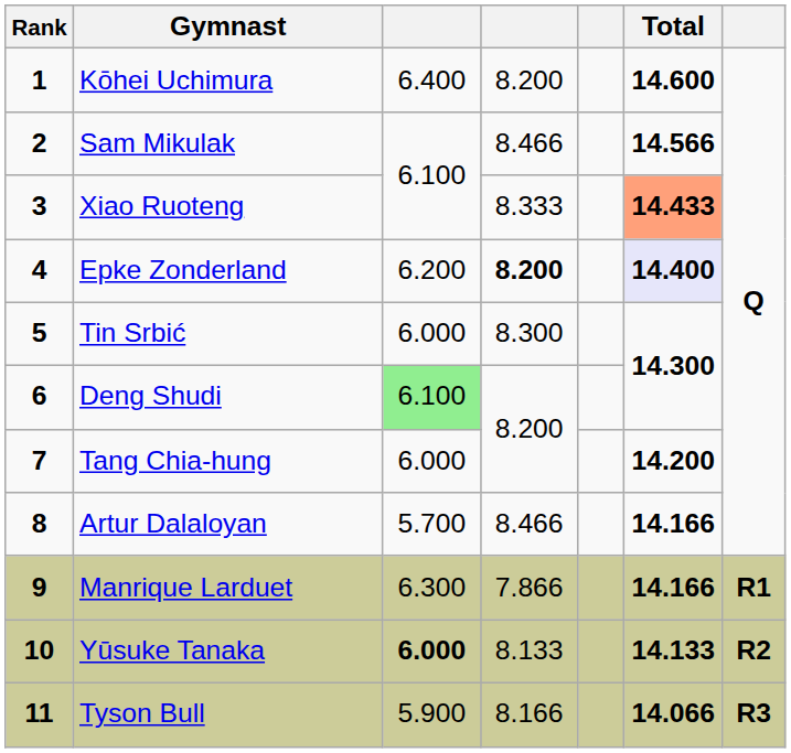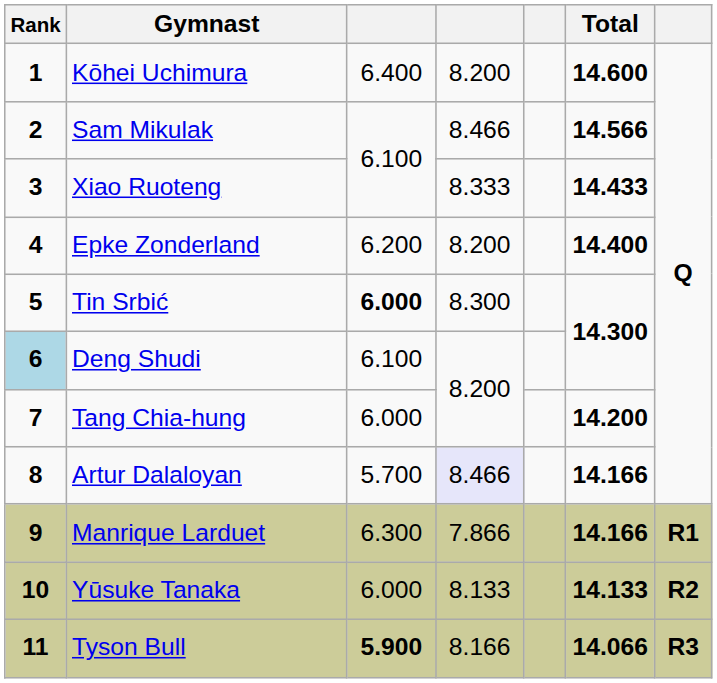 <table style="text-align:center;" class="wikitable sortable">
 <tr>
 <th scope="col" style="width:15px;"><small>Rank</small></th>
 <th scope="col" style="width:175px;">Gymnast</th>
 <th scope="col" style="width:50px;"><small></small></th>
 <th scope="col" style="width:50px;"><small></small></th>
 <th scope="col" style="width:20px;"><small></small></th>
 <th scope="col" style="width:50px;">Total</th>
 <th scope="col" style="width:30px;"><small></small></th>
 </tr>
 <tr>
 <td scope="row" style="text-align:center"><strong>1</strong></td>
 <td style="height:30px; text-align:left;"> <a href='#'>Kōhei Uchimura</a></td>
 <td>6.400</td>
 <td>8.200</td>
 <td></td>
 <td><strong>14.600</strong></td>
 <td rowspan=8><strong>Q</strong></td>
 </tr>
 <tr>
 <td scope="row" style="text-align:center"><strong>2</strong></td>
 <td style="height:30px; text-align:left;"> <a href='#'>Sam Mikulak</a></td>
 <td rowspan=2>6.100</td>
 <td>8.466</td>
 <td></td>
 <td><strong>14.566</strong></td>
 </tr>
 <tr>
 <td scope="row" style="text-align:center"><strong>3</strong></td>
 <td style="height:30px; text-align:left;"> <a href='#'>Xiao Ruoteng</a></td>
 <td>8.333</td>
 <td></td>
-<td style="background: lightsalmon;"><strong>14.433</strong></td>
+<td><strong>14.433</strong></td>
 </tr>
 <tr>
 <td scope="row" style="text-align:center"><strong>4</strong></td>
 <td style="height:30px; text-align:left;"> <a href='#'>Epke Zonderland</a></td>
 <td>6.200</td>
-<td><strong>8.200</strong></td>
+<td>8.200</td>
 <td></td>
-<td style="background: lavender;"><strong>14.400</strong></td>
+<td><strong>14.400</strong></td>
 </tr>
 <tr>
 <td scope="row" style="text-align:center"><strong>5</strong></td>
 <td style="height:30px; text-align:left;"> <a href='#'>Tin Srbić</a></td>
-<td>6.000</td>
+<td><strong>6.000</strong></td>
 <td>8.300</td>
 <td></td>
 <td rowspan=2><strong>14.300</strong></td>
 </tr>
 <tr>
-<td scope="row" style="text-align:center"><strong>6</strong></td>
+<td scope="row" style="background: lightblue; text-align:center"><strong>6</strong></td>
 <td style="height:30px; text-align:left;"> <a href='#'>Deng Shudi</a></td>
-<td style="background: lightgreen;">6.100</td>
+<td>6.100</td>
 <td rowspan=2>8.200</td>
 <td></td>
 </tr>
 <tr>
 <td scope="row" style="text-align:center"><strong>7</strong></td>
 <td style="height:30px; text-align:left;"> <a href='#'>Tang Chia-hung</a></td>
 <td>6.000</td>
 <td></td>
 <td><strong>14.200</strong></td>
 </tr>
 <tr>
 <td scope="row" style="text-align:center"><strong>8</strong></td>
 <td style="height:30px; text-align:left;"> <a href='#'>Artur Dalaloyan</a></td>
 <td>5.700</td>
-<td>8.466</td>
+<td style="background: lavender;">8.466</td>
 <td></td>
 <td><strong>14.166</strong></td>
 </tr>
 <tr style="background:#cccc99;">
 <td scope="row" style="text-align:center"><strong>9</strong></td>
 <td style="height:30px; text-align:left;"> <a href='#'>Manrique Larduet</a></td>
 <td>6.300</td>
 <td>7.866</td>
 <td></td>
 <td><strong>14.166</strong></td>
 <td><strong>R1</strong></td>
 </tr>
 <tr style="background:#cccc99;">
 <td scope="row" style="text-align:center"><strong>10</strong></td>
 <td style="height:30px; text-align:left;"> <a href='#'>Yūsuke Tanaka</a></td>
-<td><strong>6.000</strong></td>
+<td>6.000</td>
 <td>8.133</td>
 <td></td>
 <td><strong>14.133</strong></td>
 <td><strong>R2</strong></td>
 </tr>
 <tr style="background:#cccc99;">
 <td scope="row" style="text-align:center"><strong>11</strong></td>
 <td style="height:30px; text-align:left;"> <a href='#'>Tyson Bull</a></td>
-<td>5.900</td>
+<td><strong>5.900</strong></td>
 <td>8.166</td>
 <td></td>
 <td><strong>14.066</strong></td>
 <td><strong>R3</strong></td>
 </tr>
 </table>
